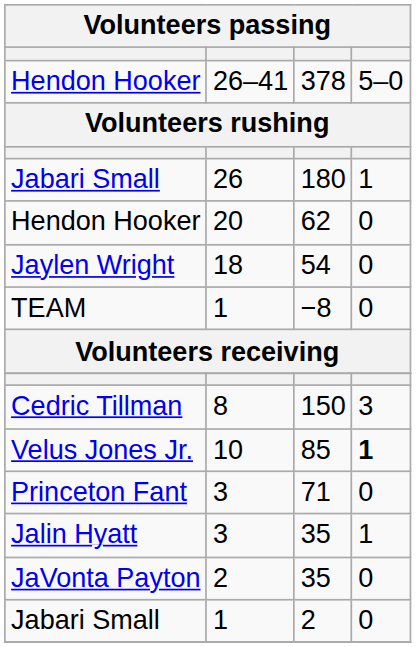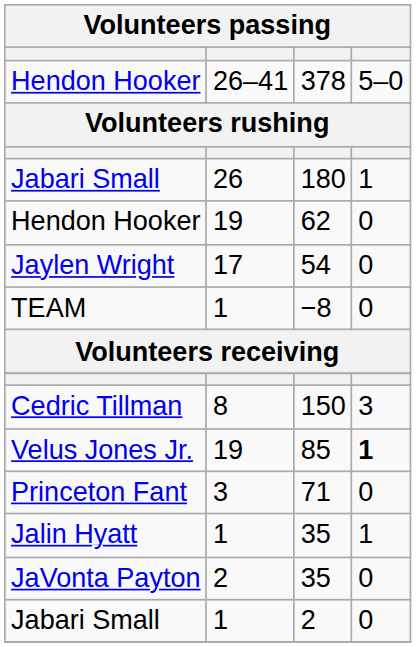 <table class="wikitable plainrowheaders">
 <tr>
 <th colspan="6">Volunteers passing</th>
 </tr>
 <tr>
 <th scope="col"></th>
 <th scope="col"></th>
 <th scope="col"></th>
 <th scope="col"></th>
 </tr>
 <tr>
 <td><a href='#'>Hendon Hooker</a></td>
 <td>26–41</td>
 <td>378</td>
 <td>5–0</td>
 </tr>
 <tr>
 <th colspan="6">Volunteers rushing</th>
 </tr>
 <tr>
 <th scope="col"></th>
 <th scope="col"></th>
 <th scope="col"></th>
 <th scope="col"></th>
 </tr>
 <tr>
 <td><a href='#'>Jabari Small</a></td>
 <td>26</td>
 <td>180</td>
 <td>1</td>
 </tr>
 <tr>
 <td>Hendon Hooker</td>
-<td>20</td>
+<td>19</td>
 <td>62</td>
 <td>0</td>
 </tr>
 <tr>
 <td><a href='#'>Jaylen Wright</a></td>
-<td>18</td>
+<td>17</td>
 <td>54</td>
 <td>0</td>
 </tr>
 <tr>
 <td>TEAM</td>
 <td>1</td>
 <td>−8</td>
 <td>0</td>
 </tr>
 <tr>
 <th colspan="6">Volunteers receiving</th>
 </tr>
 <tr>
 </tr>
 <tr>
 <th scope="col"></th>
 <th scope="col"></th>
 <th scope="col"></th>
 <th scope="col"></th>
 </tr>
 <tr>
 <td><a href='#'>Cedric Tillman</a></td>
 <td>8</td>
 <td>150</td>
 <td>3</td>
 </tr>
 <tr>
 <td><a href='#'>Velus Jones Jr.</a></td>
-<td>10</td>
+<td>19</td>
 <td>85</td>
 <td><strong>1</strong></td>
 </tr>
 <tr>
 <td><a href='#'>Princeton Fant</a></td>
 <td>3</td>
 <td>71</td>
 <td>0</td>
 </tr>
 <tr>
 <td><a href='#'>Jalin Hyatt</a></td>
-<td>3</td>
+<td>1</td>
 <td>35</td>
 <td>1</td>
 </tr>
 <tr>
 <td><a href='#'>JaVonta Payton</a></td>
 <td>2</td>
 <td>35</td>
 <td>0</td>
 </tr>
 <tr>
 <td>Jabari Small</td>
 <td>1</td>
 <td>2</td>
 <td>0</td>
 </tr>
 <tr>
 </tr>
 </table>
